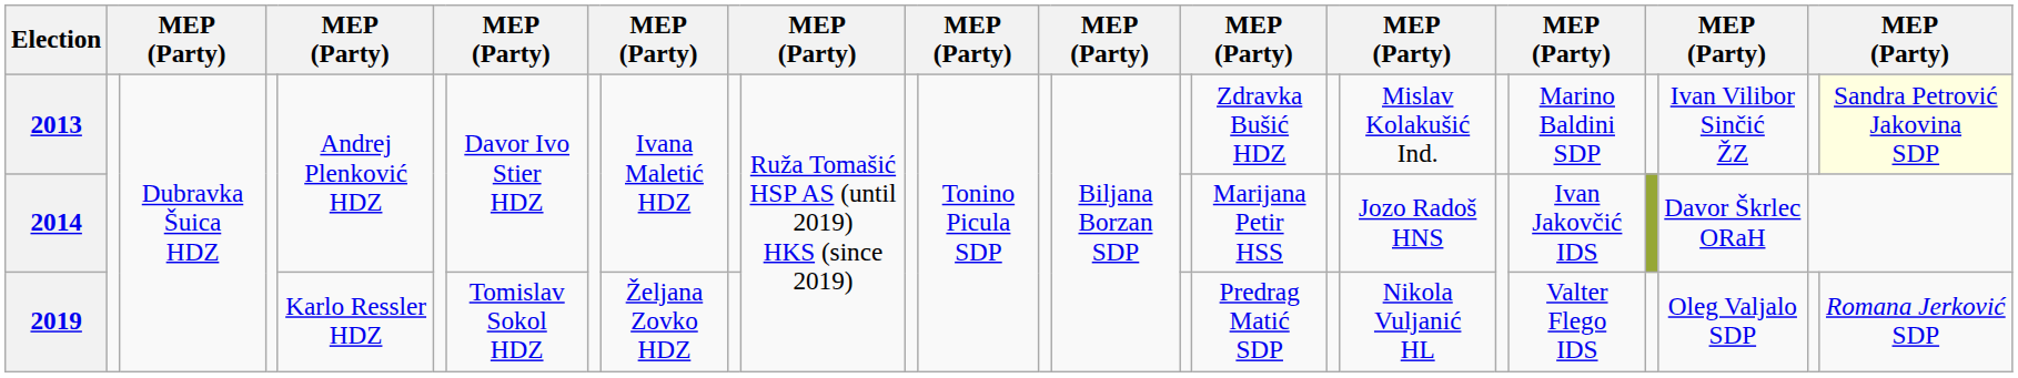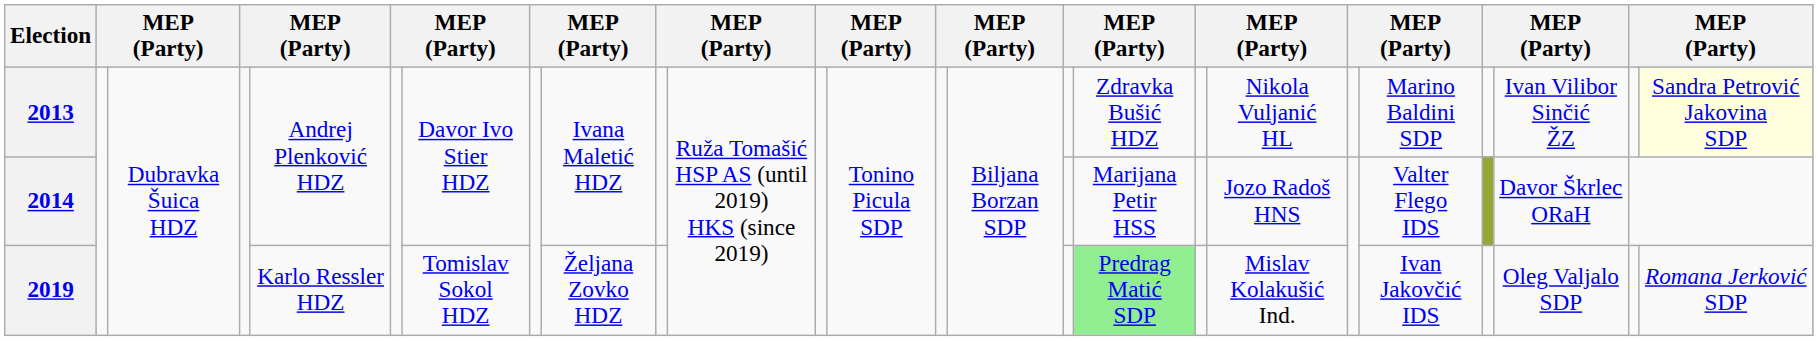 <table class="wikitable" style="text-align:center">
 <tr>
 <th>Election</th>
 <th colspan=2>MEP<br>(Party)</th>
 <th colspan=2>MEP<br>(Party)</th>
 <th colspan=2>MEP<br>(Party)</th>
 <th colspan=2>MEP<br>(Party)</th>
 <th colspan=2>MEP<br>(Party)</th>
 <th colspan=2>MEP<br>(Party)</th>
 <th colspan=2>MEP<br>(Party)</th>
 <th colspan=2>MEP<br>(Party)</th>
 <th colspan=2>MEP<br>(Party)</th>
 <th colspan=2>MEP<br>(Party)</th>
 <th colspan=2>MEP<br>(Party)</th>
 <th colspan=2>MEP<br>(Party)</th>
 </tr>
 <tr>
 <th><a href='#'>2013</a></th>
 <td rowspan=3; style="background-color: "></td>
 <td rowspan=3><a href='#'>Dubravka Šuica</a><br><a href='#'>HDZ</a></td>
 <td rowspan=3; style="background-color: "></td>
 <td rowspan=2><a href='#'>Andrej Plenković</a><br><a href='#'>HDZ</a></td>
 <td rowspan=3; style="background-color: "></td>
 <td rowspan=2><a href='#'>Davor Ivo Stier</a><br><a href='#'>HDZ</a></td>
 <td rowspan=3; style="background-color: "></td>
 <td rowspan=2><a href='#'>Ivana Maletić</a><br><a href='#'>HDZ</a></td>
 <td rowspan=2; style="background-color: "></td>
 <td rowspan=3><a href='#'>Ruža Tomašić</a><br><a href='#'>HSP AS</a> (until 2019)<br><a href='#'>HKS</a> (since 2019)</td>
 <td rowspan=3; style="background-color: "></td>
 <td rowspan=3><a href='#'>Tonino Picula</a><br><a href='#'>SDP</a></td>
 <td rowspan=3; style="background-color: "></td>
 <td rowspan=3><a href='#'>Biljana Borzan</a><br><a href='#'>SDP</a></td>
 <td rowspan=1; style="background-color: "></td>
 <td rowspan=1><a href='#'>Zdravka Bušić</a><br><a href='#'>HDZ</a></td>
 <td rowspan=1; style="background-color: "></td>
-<td rowspan=1><a href='#'>Mislav Kolakušić</a><br>Ind.</td>
+<td rowspan=1><a href='#'>Nikola Vuljanić</a><br><a href='#'>HL</a></td>
 <td rowspan=1; style="background-color: "></td>
 <td rowspan=1><a href='#'>Marino Baldini</a><br><a href='#'>SDP</a></td>
 <td rowspan=1; style="background-color: "></td>
 <td rowspan=1><a href='#'>Ivan Vilibor Sinčić</a><br><a href='#'>ŽZ</a></td>
 <td rowspan=1; style="background-color: "></td>
 <td rowspan=1 style="background: lightyellow;"><a href='#'>Sandra Petrović Jakovina</a><br><a href='#'>SDP</a></td>
 </tr>
 <tr>
 <th><a href='#'>2014</a></th>
 <td rowspan=1; style="background-color: "></td>
 <td rowspan=1><a href='#'>Marijana Petir</a><br><a href='#'>HSS</a></td>
 <td rowspan=1; style="background-color: "></td>
 <td rowspan=1><a href='#'>Jozo Radoš</a><br><a href='#'>HNS</a></td>
 <td rowspan=2; style="background-color: "></td>
-<td rowspan=1><a href='#'>Ivan Jakovčić</a><br><a href='#'>IDS</a></td>
+<td rowspan=1><a href='#'>Valter Flego</a><br><a href='#'>IDS</a></td>
 <td rowspan=1; style="background-color: #96a735"></td>
 <td rowspan=1><a href='#'>Davor Škrlec</a><br><a href='#'>ORaH</a></td>
 </tr>
 <tr>
 <th><a href='#'>2019</a></th>
 <td rowspan=1><a href='#'>Karlo Ressler</a><br><a href='#'>HDZ</a></td>
 <td rowspan=1><a href='#'>Tomislav Sokol</a><br><a href='#'>HDZ</a></td>
 <td rowspan=1><a href='#'>Željana Zovko</a><br><a href='#'>HDZ</a></td>
 <td rowspan=1; style="background-color: "></td>
 <td rowspan=1; style="background-color: "></td>
-<td rowspan=1><a href='#'>Predrag Matić</a><br><a href='#'>SDP</a></td>
+<td rowspan=1 style="background: lightgreen;"><a href='#'>Predrag Matić</a><br><a href='#'>SDP</a></td>
 <td rowspan=1; style="background-color: "></td>
-<td rowspan=1><a href='#'>Nikola Vuljanić</a><br><a href='#'>HL</a></td>
-<td rowspan=1><a href='#'>Valter Flego</a><br><a href='#'>IDS</a></td>
+<td rowspan=1><a href='#'>Mislav Kolakušić</a><br>Ind.</td>
+<td rowspan=1><a href='#'>Ivan Jakovčić</a><br><a href='#'>IDS</a></td>
 <td rowspan=1; style="background-color: "></td>
 <td rowspan=1><a href='#'>Oleg Valjalo</a><br><a href='#'>SDP</a></td>
 <td rowspan=1; style="background-color: "></td>
 <td><em><a href='#'>Romana Jerković</a></em><br><a href='#'>SDP</a></td>
 </tr>
 </table>
